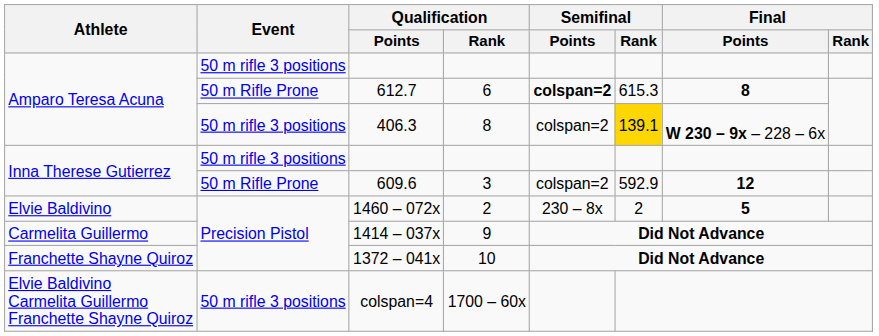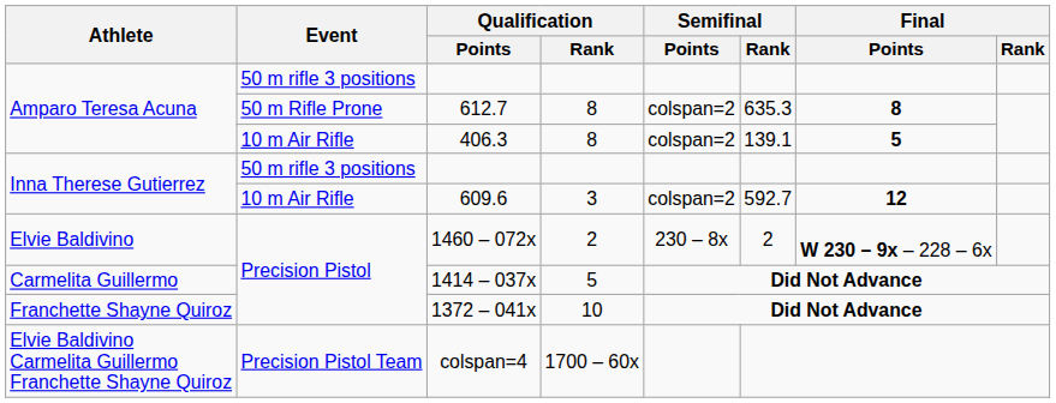 <table class=wikitable style="text-align:center; font-size:90%">
 <tr>
 <th rowspan=2>Athlete</th>
 <th rowspan=2>Event</th>
 <th colspan=2>Qualification</th>
 <th colspan=2>Semifinal</th>
 <th colspan=2>Final</th>
 </tr>
 <tr style="font-size:95%">
 <th>Points</th>
 <th>Rank</th>
 <th>Points</th>
 <th>Rank</th>
 <th>Points</th>
 <th>Rank</th>
 </tr>
 <tr>
 <td align=left rowspan=3><a href='#'>Amparo Teresa Acuna</a></td>
 <td align=left><a href='#'>50 m rifle 3 positions</a></td>
 <td></td>
 <td></td>
 <td></td>
 <td></td>
 <td></td>
 <td></td>
 </tr>
 <tr>
 <td align=left><a href='#'>50 m Rifle Prone</a></td>
 <td>612.7</td>
-<td>6 <strong></strong></td>
-<td><strong>colspan=2 </strong></td>
-<td>615.3</td>
+<td>8 <strong></strong></td>
+<td>colspan=2 </td>
+<td>635.3</td>
 <td><strong>8</strong></td>
 </tr>
 <tr>
-<td align=left><a href='#'>50 m rifle 3 positions</a></td>
+<td align=left><a href='#'>10 m Air Rifle</a></td>
 <td>406.3</td>
 <td>8 <strong></strong></td>
 <td>colspan=2 </td>
-<td style="background: gold;">139.1</td>
-<td> <br> <strong>W</strong> <strong>230 – 9x</strong> – 228 – 6x</td>
+<td>139.1</td>
+<td><strong>5</strong></td>
 </tr>
 <tr>
 <td align=left rowspan=2><a href='#'>Inna Therese Gutierrez</a></td>
 <td align=left><a href='#'>50 m rifle 3 positions</a></td>
 <td></td>
 <td></td>
 <td></td>
 <td></td>
 <td></td>
 <td></td>
 </tr>
 <tr>
-<td align=left><a href='#'>50 m Rifle Prone</a></td>
+<td align=left><a href='#'>10 m Air Rifle</a></td>
 <td>609.6</td>
 <td>3 <strong></strong></td>
 <td>colspan=2 </td>
-<td>592.9</td>
+<td>592.7</td>
 <td><strong>12</strong></td>
 </tr>
 <tr>
 <td align=left><a href='#'>Elvie Baldivino</a></td>
 <td align=left rowspan=3><a href='#'>Precision Pistol</a></td>
 <td>1460 – 072x</td>
 <td>2 <strong></strong></td>
 <td>230 – 8x</td>
 <td>2 <strong></strong></td>
-<td><strong>5</strong></td>
+<td> <br> <strong>W</strong> <strong>230 – 9x</strong> – 228 – 6x</td>
 <td></td>
 </tr>
 <tr>
 <td align=left><a href='#'>Carmelita Guillermo</a></td>
 <td>1414 – 037x</td>
-<td>9</td>
+<td>5</td>
 <td colspan="4"><strong>Did Not Advance</strong></td>
 </tr>
 <tr>
 <td align=left><a href='#'>Franchette Shayne Quiroz</a></td>
 <td>1372 – 041x</td>
 <td>10</td>
 <td colspan="4"><strong>Did Not Advance</strong></td>
 </tr>
 <tr>
 <td align=left><a href='#'>Elvie Baldivino</a><br><a href='#'>Carmelita Guillermo</a><br><a href='#'>Franchette Shayne Quiroz</a></td>
-<td align=left><a href='#'>50 m rifle 3 positions</a></td>
+<td align=left><a href='#'>Precision Pistol Team</a></td>
 <td>colspan=4 </td>
 <td>1700 – 60x</td>
 <td></td>
 </tr>
 </table>
